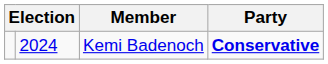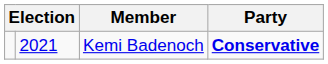 <table class="wikitable">
 <tr>
 <th colspan="2">Election</th>
 <th>Member</th>
 <th>Party</th>
 </tr>
 <tr>
 <td style="color:inherit;background-color: "></td>
-<td><a href='#'>2024</a></td>
+<td><a href='#'>2021</a></td>
 <td><a href='#'>Kemi Badenoch</a></td>
 <td><strong><a href='#'>Conservative</a></strong></td>
 </tr>
 </table>
